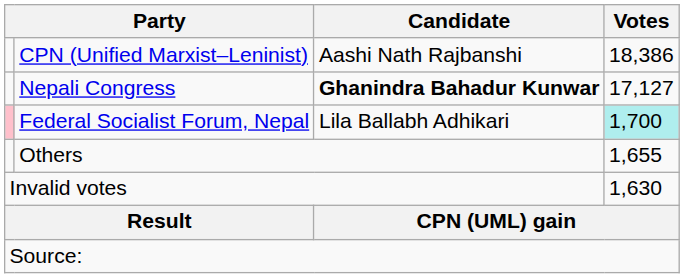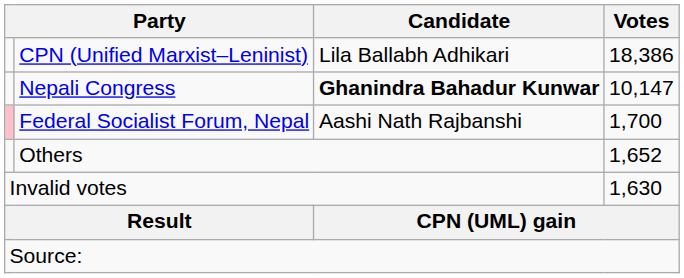 <table class="wikitable">
 <tr>
 <th colspan="2">Party</th>
 <th>Candidate</th>
 <th>Votes</th>
 </tr>
 <tr>
 <td style="background-color:"></td>
 <td><a href='#'>CPN (Unified Marxist–Leninist)</a></td>
-<td>Aashi Nath Rajbanshi</td>
+<td>Lila Ballabh Adhikari</td>
 <td>18,386</td>
 </tr>
 <tr>
 <td style="background-color:"></td>
 <td><a href='#'>Nepali Congress</a></td>
 <td><strong>Ghanindra Bahadur Kunwar</strong></td>
-<td>17,127</td>
+<td>10,147</td>
 </tr>
 <tr>
 <td style="background-color:pink"></td>
 <td><a href='#'>Federal Socialist Forum, Nepal</a></td>
-<td>Lila Ballabh Adhikari</td>
-<td style="background: paleturquoise;">1,700</td>
+<td>Aashi Nath Rajbanshi</td>
+<td>1,700</td>
 </tr>
 <tr>
 <td></td>
 <td colspan="2">Others</td>
-<td>1,655</td>
+<td>1,652</td>
 </tr>
 <tr>
 <td colspan="3">Invalid votes</td>
 <td>1,630</td>
 </tr>
 <tr>
 <th colspan="2">Result</th>
 <th colspan="2">CPN (UML) gain</th>
 </tr>
 <tr>
 <td colspan="4">Source: </td>
 </tr>
 </table>
